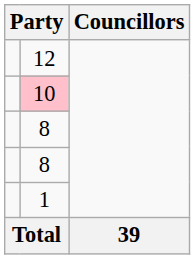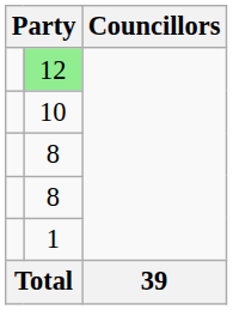 <table class="wikitable">
 <tr>
 <th colspan=2>Party</th>
 <th>Councillors</th>
 </tr>
 <tr>
 <td></td>
-<td align=center>12</td>
+<td align=center style="background: lightgreen;">12</td>
 </tr>
 <tr>
 <td></td>
-<td align=center style="background: pink;">10</td>
+<td align=center>10</td>
 </tr>
 <tr>
 <td></td>
 <td align=center>8</td>
 </tr>
 <tr>
 <td></td>
 <td align=center>8</td>
 </tr>
 <tr>
 <td></td>
 <td align=center>1</td>
 </tr>
 <tr>
 <th colspan=2>Total</th>
 <th>39</th>
 </tr>
 </table>
